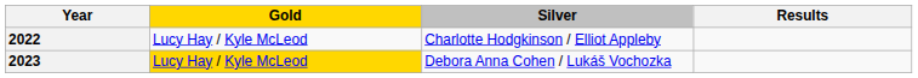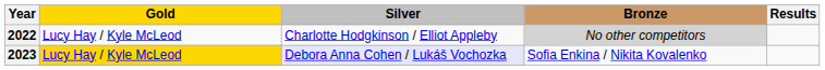 <table class="wikitable unsortable" style="text-align:left; width:80%">
 <tr>
 <th scope="col" style="text-align:center;">Year</th>
 <td scope="col" style="text-align:center; width:30%; background:gold"><strong>Gold</strong></td>
 <td scope="col" style="text-align:center; width:30%; background:silver"><strong>Silver</strong></td>
+<td scope="col" style="text-align:center; width:30%; background:#c96"><strong>Bronze</strong></td>
 <th scope="col" style="text-align:center;">Results</th>
 </tr>
 <tr>
 <th scope="row" style="text-align:left">2022</th>
 <td> <a href='#'>Lucy Hay</a> / <a href='#'>Kyle McLeod</a></td>
 <td> <a href='#'>Charlotte Hodgkinson</a> / <a href='#'>Elliot Appleby</a></td>
+<td align="center" bgcolor="lightgray"><em>No other competitors</em></td>
 <td></td>
 </tr>
 <tr>
 <th scope="row" style="text-align:left">2023</th>
 <td style="background: gold;"> <a href='#'>Lucy Hay</a> / <a href='#'>Kyle McLeod</a></td>
-<td> <a href='#'>Debora Anna Cohen</a> / <a href='#'>Lukáš Vochozka</a></td>
+<td style="background: lavender;"> <a href='#'>Debora Anna Cohen</a> / <a href='#'>Lukáš Vochozka</a></td>
+<td> <a href='#'>Sofia Enkina</a> / <a href='#'>Nikita Kovalenko</a></td>
 <td></td>
 </tr>
 </table>
